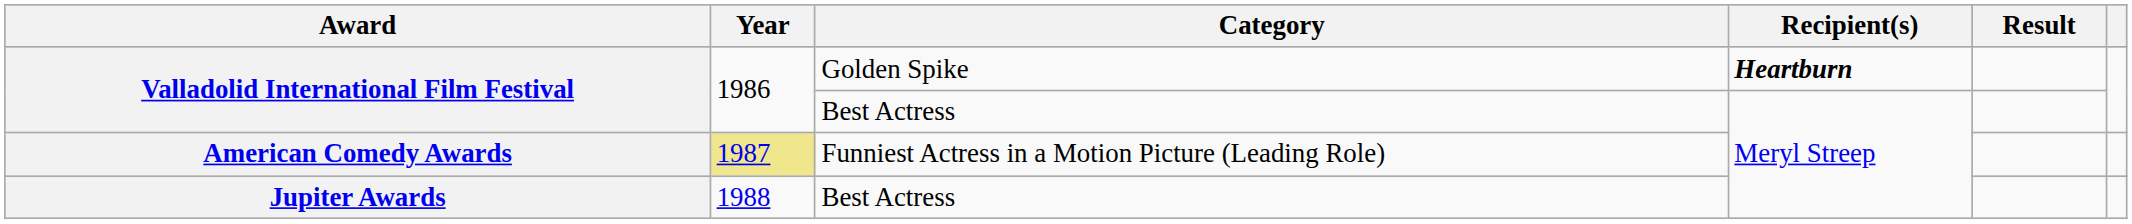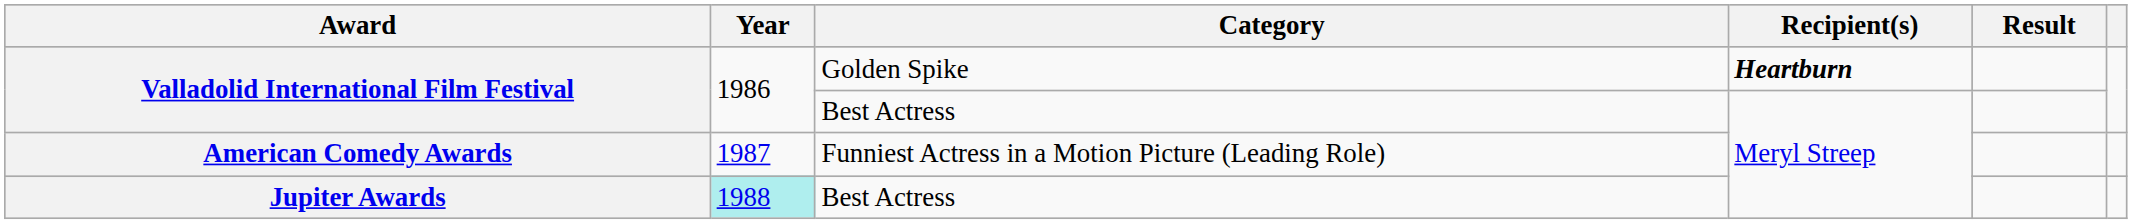 <table class="wikitable plainrowheaders sortable" style="width:100%;">
 <tr>
 <th scope="col">Award</th>
 <th scope="col">Year</th>
 <th scope="col">Category</th>
 <th scope="col">Recipient(s)</th>
 <th>Result</th>
 <th scope="col" class="unsortable"></th>
 </tr>
 <tr>
 <th rowspan="2" scope="row"><a href='#'>Valladolid International Film Festival</a></th>
 <td rowspan="2">1986</td>
 <td>Golden Spike</td>
 <td><strong><em>Heartburn</em></strong></td>
 <td></td>
 <td rowspan="2"></td>
 </tr>
 <tr>
 <td>Best Actress</td>
 <td rowspan="3"><a href='#'>Meryl Streep</a></td>
 <td></td>
 </tr>
 <tr>
 <th scope="row"><a href='#'>American Comedy Awards</a></th>
-<td style="background: khaki;"><a href='#'>1987</a></td>
+<td><a href='#'>1987</a></td>
 <td>Funniest Actress in a Motion Picture (Leading Role)</td>
 <td></td>
 <td></td>
 </tr>
 <tr>
 <th scope="row"><a href='#'>Jupiter Awards</a></th>
-<td><a href='#'>1988</a></td>
+<td style="background: paleturquoise;"><a href='#'>1988</a></td>
 <td>Best Actress</td>
 <td></td>
 <td></td>
 </tr>
 </table>
